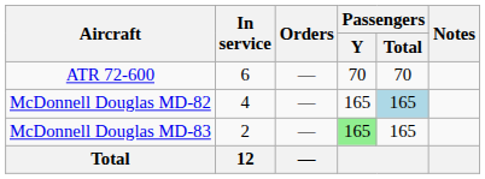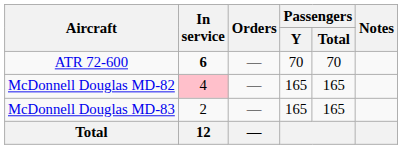 <table class="wikitable" style="margin:1em auto; border-collapse:collapse;text-align:center">
 <tr>
 <th rowspan="2">Aircraft</th>
 <th rowspan="2">In<br>service</th>
 <th rowspan="2">Orders</th>
 <th colspan="2">Passengers</th>
 <th rowspan="2">Notes</th>
 </tr>
 <tr>
 <th style="width:20px;"><abbr>Y</abbr></th>
 <th style="width:25px;">Total</th>
 </tr>
 <tr>
 <td><a href='#'>ATR 72-600</a></td>
-<td align=center>6</td>
+<td align=center><strong>6</strong></td>
 <td align=center>—</td>
 <td>70</td>
 <td>70</td>
 <td></td>
 </tr>
 <tr>
 <td><a href='#'>McDonnell Douglas MD-82</a></td>
-<td>4</td>
+<td style="background: pink;">4</td>
 <td>—</td>
 <td>165</td>
-<td style="background: lightblue;">165</td>
+<td>165</td>
 <td></td>
 </tr>
 <tr>
 <td><a href='#'>McDonnell Douglas MD-83</a></td>
 <td>2</td>
 <td>—</td>
-<td style="background: lightgreen;">165</td>
+<td>165</td>
 <td>165</td>
 <td></td>
 </tr>
 <tr>
 <th>Total</th>
 <th>12</th>
 <th>—</th>
 <th colspan=2></th>
 <th></th>
 </tr>
 </table>
